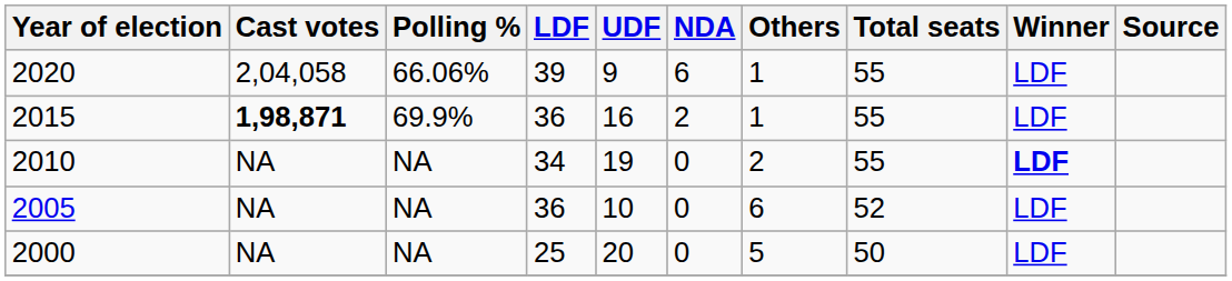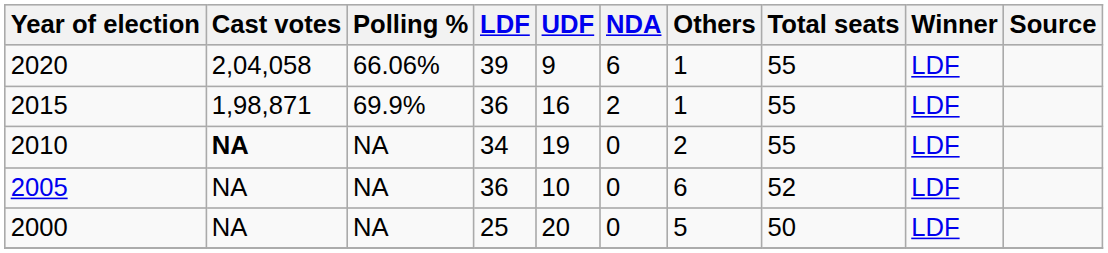 <table class="sortable wikitable">
 <tr>
 <th>Year of election</th>
 <th>Cast votes</th>
 <th>Polling %</th>
 <th><a href='#'>LDF</a></th>
 <th><a href='#'>UDF</a></th>
 <th><a href='#'>NDA</a></th>
 <th>Others</th>
 <th>Total seats</th>
 <th>Winner</th>
 <th>Source</th>
 </tr>
 <tr>
 <td>2020</td>
 <td>2,04,058</td>
 <td>66.06%</td>
 <td>39</td>
 <td>9</td>
 <td>6</td>
 <td>1</td>
 <td>55</td>
 <td><a href='#'>LDF</a></td>
 <td></td>
 </tr>
 <tr>
 <td>2015</td>
-<td><strong>1,98,871</strong></td>
+<td>1,98,871</td>
 <td>69.9%</td>
 <td>36</td>
 <td>16</td>
 <td>2</td>
 <td>1</td>
 <td>55</td>
 <td><a href='#'>LDF</a></td>
 <td></td>
 </tr>
 <tr>
 <td>2010</td>
-<td>NA</td>
+<td><strong>NA</strong></td>
 <td>NA</td>
 <td>34</td>
 <td>19</td>
 <td>0</td>
 <td>2</td>
 <td>55</td>
-<td><strong><a href='#'>LDF</a></strong></td>
+<td><a href='#'>LDF</a></td>
 <td></td>
 </tr>
 <tr>
 <td><a href='#'>2005</a></td>
 <td>NA</td>
 <td>NA</td>
 <td>36</td>
 <td>10</td>
 <td>0</td>
 <td>6</td>
 <td>52</td>
 <td><a href='#'>LDF</a></td>
 <td></td>
 </tr>
 <tr>
 <td>2000</td>
 <td>NA</td>
 <td>NA</td>
 <td>25</td>
 <td>20</td>
 <td>0</td>
 <td>5</td>
 <td>50</td>
 <td><a href='#'>LDF</a></td>
 <td></td>
 </tr>
 <tr>
 </tr>
 </table>
